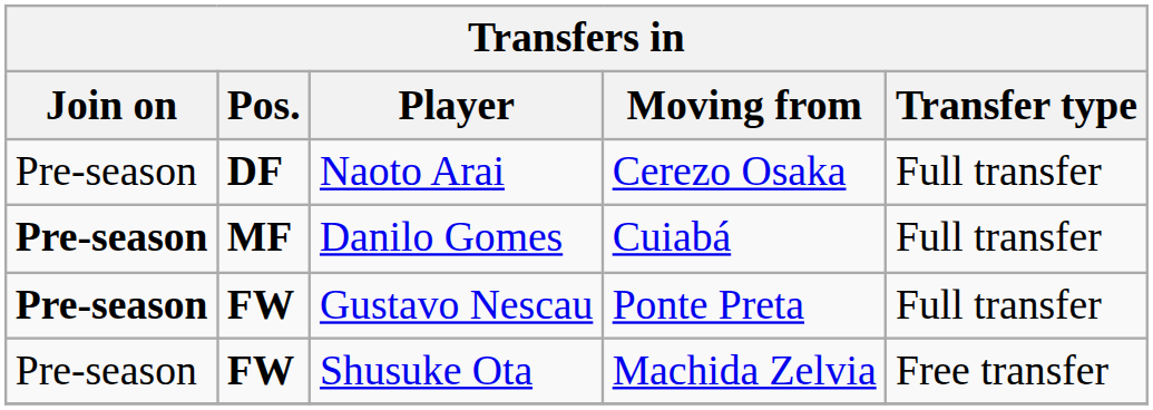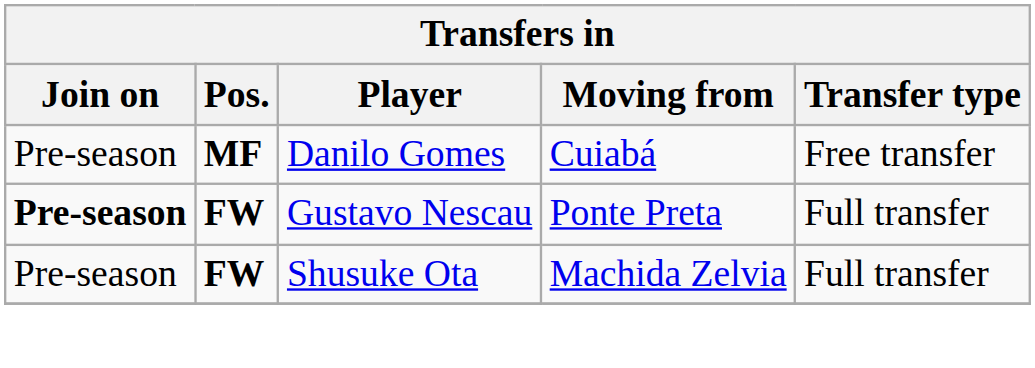 <table class="wikitable sortable" style=“text-align:left;>
 <tr>
 <th colspan="5">Transfers in</th>
 </tr>
 <tr>
 <th>Join on</th>
 <th>Pos.</th>
 <th>Player</th>
 <th>Moving from</th>
 <th>Transfer type</th>
 </tr>
 <tr>
 <td>Pre-season</td>
-<td><strong>DF</strong></td>
-<td> <a href='#'>Naoto Arai</a></td>
-<td> <a href='#'>Cerezo Osaka</a></td>
-<td>Full transfer</td>
-</tr>
-<tr>
-<td><strong>Pre-season</strong></td>
 <td><strong>MF</strong></td>
 <td> <a href='#'>Danilo Gomes</a></td>
 <td> <a href='#'>Cuiabá</a></td>
-<td>Full transfer</td>
+<td>Free transfer</td>
 </tr>
 <tr>
 <td><strong>Pre-season</strong></td>
 <td><strong>FW</strong></td>
 <td> <a href='#'>Gustavo Nescau</a></td>
 <td> <a href='#'>Ponte Preta</a></td>
 <td>Full transfer</td>
 </tr>
 <tr>
 <td>Pre-season</td>
 <td><strong>FW</strong></td>
 <td> <a href='#'>Shusuke Ota</a></td>
 <td> <a href='#'>Machida Zelvia</a></td>
-<td>Free transfer</td>
+<td>Full transfer</td>
 </tr>
 <tr>
 </tr>
 </table>
